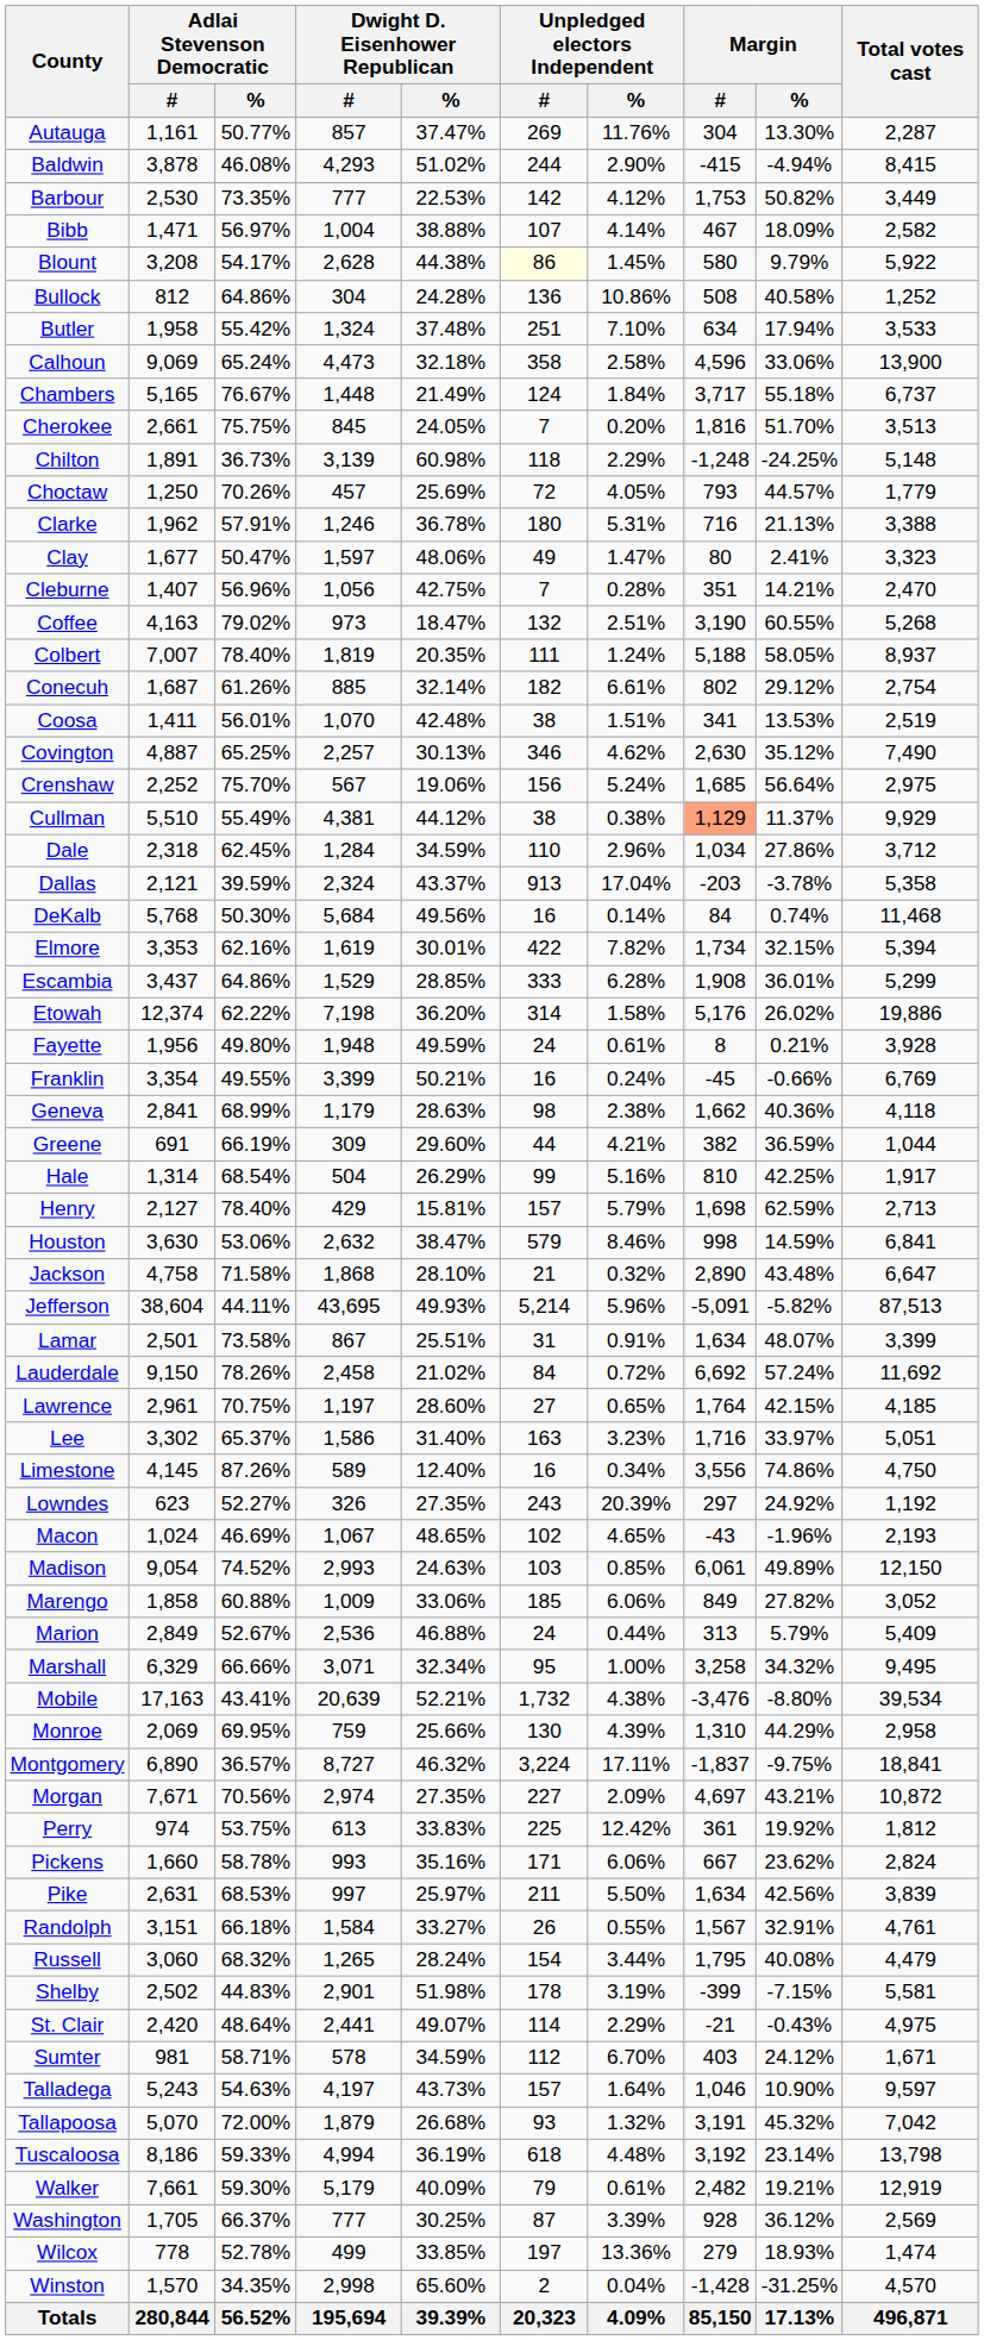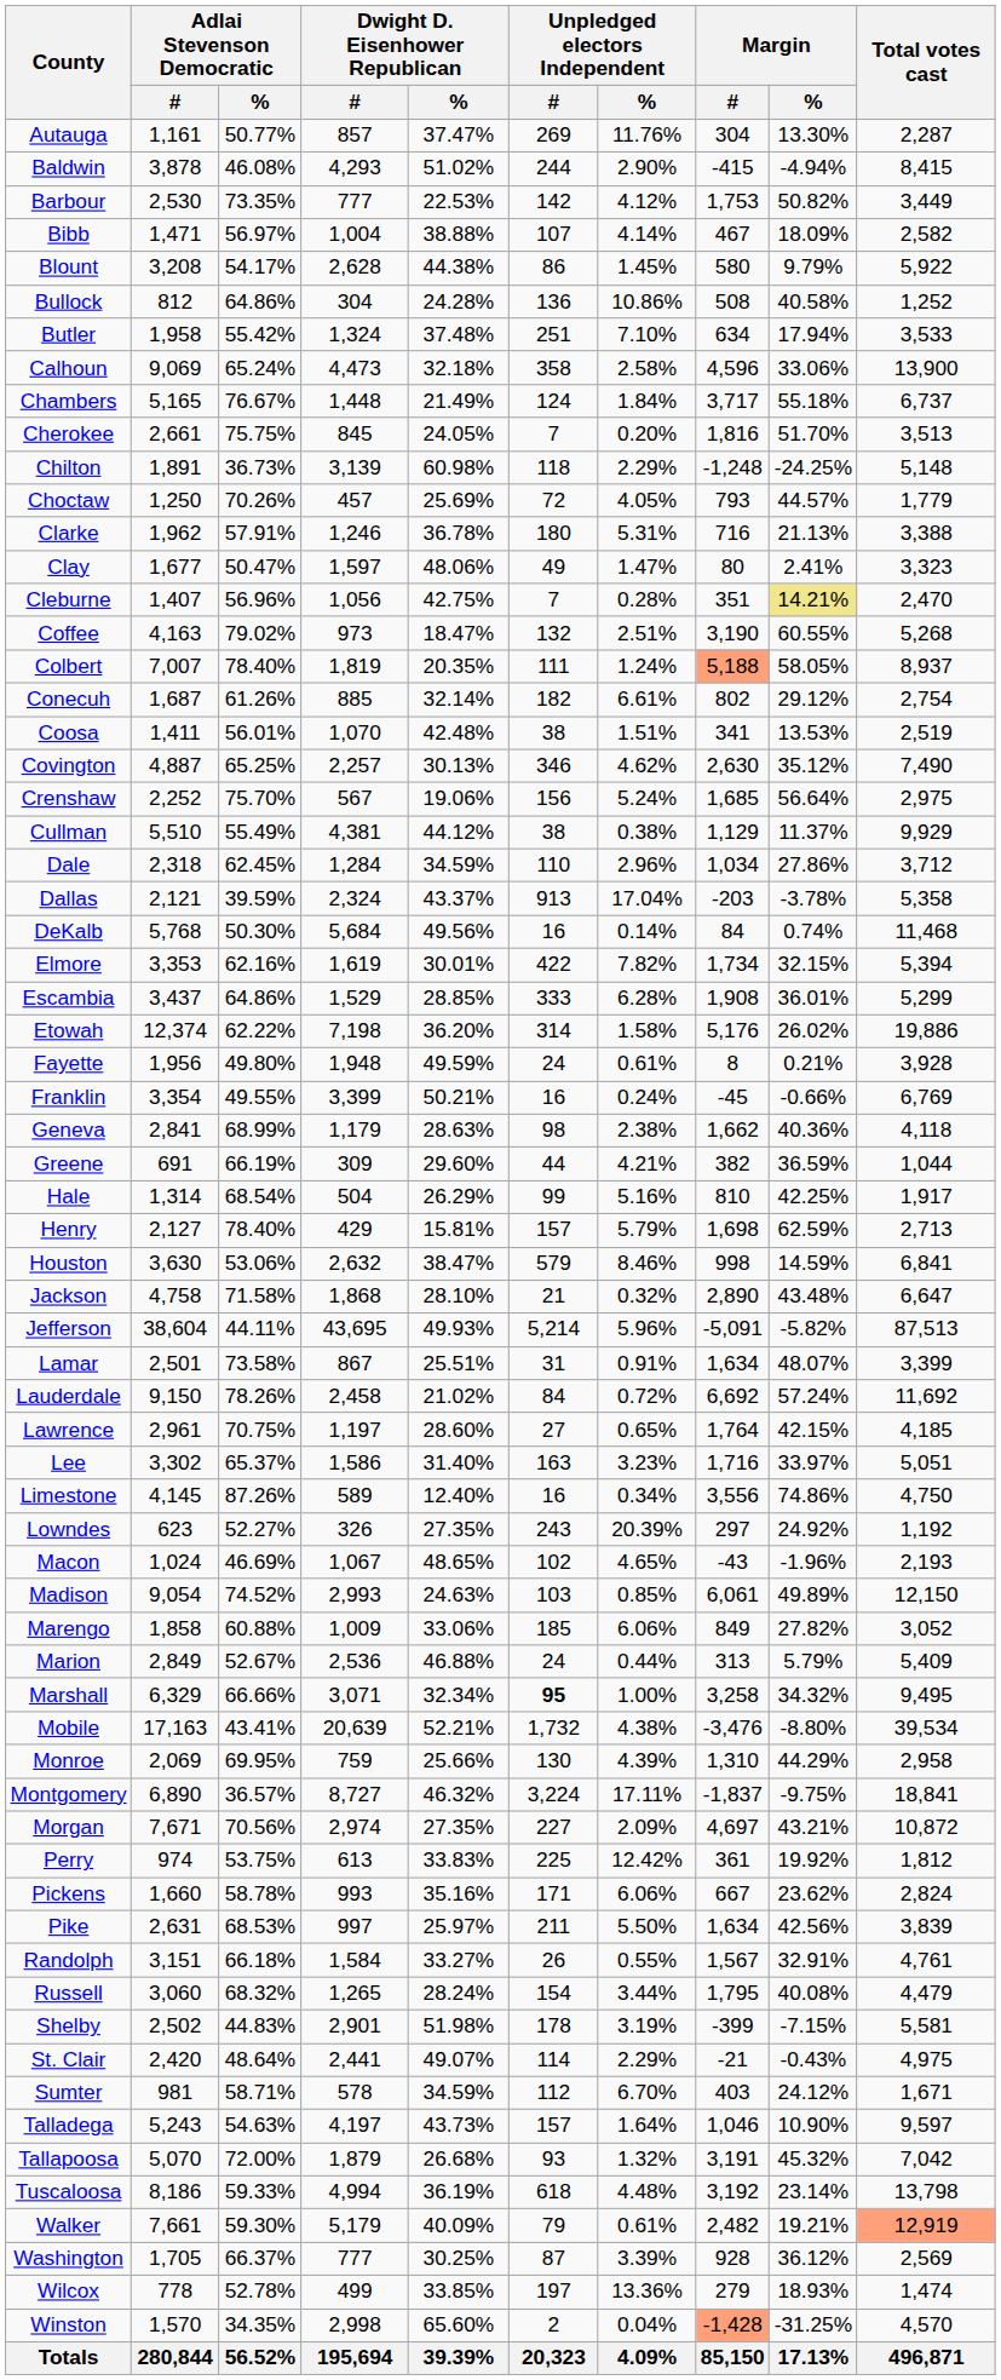 <table width="60%" class="wikitable sortable">
 <tr>
 <th rowspan="2">County</th>
 <th colspan="2">Adlai Stevenson<br>Democratic</th>
 <th colspan="2">Dwight D. Eisenhower<br>Republican</th>
 <th colspan="2">Unpledged electors<br>Independent</th>
 <th colspan="2">Margin</th>
 <th rowspan="2">Total votes cast</th>
 </tr>
 <tr>
 <th style="text-align:center;" data-sort-type="number">#</th>
 <th style="text-align:center;" data-sort-type="number">%</th>
 <th style="text-align:center;" data-sort-type="number">#</th>
 <th style="text-align:center;" data-sort-type="number">%</th>
 <th style="text-align:center;" data-sort-type="number">#</th>
 <th style="text-align:center;" data-sort-type="number">%</th>
 <th style="text-align:center;" data-sort-type="number">#</th>
 <th style="text-align:center;" data-sort-type="number">%</th>
 </tr>
 <tr style="text-align:center;">
 <td><a href='#'>Autauga</a></td>
 <td>1,161</td>
 <td>50.77%</td>
 <td>857</td>
 <td>37.47%</td>
 <td>269</td>
 <td>11.76%</td>
 <td>304</td>
 <td>13.30%</td>
 <td>2,287</td>
 </tr>
 <tr style="text-align:center;">
 <td><a href='#'>Baldwin</a></td>
 <td>3,878</td>
 <td>46.08%</td>
 <td>4,293</td>
 <td>51.02%</td>
 <td>244</td>
 <td>2.90%</td>
 <td>-415</td>
 <td>-4.94%</td>
 <td>8,415</td>
 </tr>
 <tr style="text-align:center;">
 <td><a href='#'>Barbour</a></td>
 <td>2,530</td>
 <td>73.35%</td>
 <td>777</td>
 <td>22.53%</td>
 <td>142</td>
 <td>4.12%</td>
 <td>1,753</td>
 <td>50.82%</td>
 <td>3,449</td>
 </tr>
 <tr style="text-align:center;">
 <td><a href='#'>Bibb</a></td>
 <td>1,471</td>
 <td>56.97%</td>
 <td>1,004</td>
 <td>38.88%</td>
 <td>107</td>
 <td>4.14%</td>
 <td>467</td>
 <td>18.09%</td>
 <td>2,582</td>
 </tr>
 <tr style="text-align:center;">
 <td><a href='#'>Blount</a></td>
 <td>3,208</td>
 <td>54.17%</td>
 <td>2,628</td>
 <td>44.38%</td>
-<td style="background: lightyellow;">86</td>
+<td>86</td>
 <td>1.45%</td>
 <td>580</td>
 <td>9.79%</td>
 <td>5,922</td>
 </tr>
 <tr style="text-align:center;">
 <td><a href='#'>Bullock</a></td>
 <td>812</td>
 <td>64.86%</td>
 <td>304</td>
 <td>24.28%</td>
 <td>136</td>
 <td>10.86%</td>
 <td>508</td>
 <td>40.58%</td>
 <td>1,252</td>
 </tr>
 <tr style="text-align:center;">
 <td><a href='#'>Butler</a></td>
 <td>1,958</td>
 <td>55.42%</td>
 <td>1,324</td>
 <td>37.48%</td>
 <td>251</td>
 <td>7.10%</td>
 <td>634</td>
 <td>17.94%</td>
 <td>3,533</td>
 </tr>
 <tr style="text-align:center;">
 <td><a href='#'>Calhoun</a></td>
 <td>9,069</td>
 <td>65.24%</td>
 <td>4,473</td>
 <td>32.18%</td>
 <td>358</td>
 <td>2.58%</td>
 <td>4,596</td>
 <td>33.06%</td>
 <td>13,900</td>
 </tr>
 <tr style="text-align:center;">
 <td><a href='#'>Chambers</a></td>
 <td>5,165</td>
 <td>76.67%</td>
 <td>1,448</td>
 <td>21.49%</td>
 <td>124</td>
 <td>1.84%</td>
 <td>3,717</td>
 <td>55.18%</td>
 <td>6,737</td>
 </tr>
 <tr style="text-align:center;">
 <td><a href='#'>Cherokee</a></td>
 <td>2,661</td>
 <td>75.75%</td>
 <td>845</td>
 <td>24.05%</td>
 <td>7</td>
 <td>0.20%</td>
 <td>1,816</td>
 <td>51.70%</td>
 <td>3,513</td>
 </tr>
 <tr style="text-align:center;">
 <td><a href='#'>Chilton</a></td>
 <td>1,891</td>
 <td>36.73%</td>
 <td>3,139</td>
 <td>60.98%</td>
 <td>118</td>
 <td>2.29%</td>
 <td>-1,248</td>
 <td>-24.25%</td>
 <td>5,148</td>
 </tr>
 <tr style="text-align:center;">
 <td><a href='#'>Choctaw</a></td>
 <td>1,250</td>
 <td>70.26%</td>
 <td>457</td>
 <td>25.69%</td>
 <td>72</td>
 <td>4.05%</td>
 <td>793</td>
 <td>44.57%</td>
 <td>1,779</td>
 </tr>
 <tr style="text-align:center;">
 <td><a href='#'>Clarke</a></td>
 <td>1,962</td>
 <td>57.91%</td>
 <td>1,246</td>
 <td>36.78%</td>
 <td>180</td>
 <td>5.31%</td>
 <td>716</td>
 <td>21.13%</td>
 <td>3,388</td>
 </tr>
 <tr style="text-align:center;">
 <td><a href='#'>Clay</a></td>
 <td>1,677</td>
 <td>50.47%</td>
 <td>1,597</td>
 <td>48.06%</td>
 <td>49</td>
 <td>1.47%</td>
 <td>80</td>
 <td>2.41%</td>
 <td>3,323</td>
 </tr>
 <tr style="text-align:center;">
 <td><a href='#'>Cleburne</a></td>
 <td>1,407</td>
 <td>56.96%</td>
 <td>1,056</td>
 <td>42.75%</td>
 <td>7</td>
 <td>0.28%</td>
 <td>351</td>
-<td>14.21%</td>
+<td style="background: khaki;">14.21%</td>
 <td>2,470</td>
 </tr>
 <tr style="text-align:center;">
 <td><a href='#'>Coffee</a></td>
 <td>4,163</td>
 <td>79.02%</td>
 <td>973</td>
 <td>18.47%</td>
 <td>132</td>
 <td>2.51%</td>
 <td>3,190</td>
 <td>60.55%</td>
 <td>5,268</td>
 </tr>
 <tr style="text-align:center;">
 <td><a href='#'>Colbert</a></td>
 <td>7,007</td>
 <td>78.40%</td>
 <td>1,819</td>
 <td>20.35%</td>
 <td>111</td>
 <td>1.24%</td>
-<td>5,188</td>
+<td style="background: lightsalmon;">5,188</td>
 <td>58.05%</td>
 <td>8,937</td>
 </tr>
 <tr style="text-align:center;">
 <td><a href='#'>Conecuh</a></td>
 <td>1,687</td>
 <td>61.26%</td>
 <td>885</td>
 <td>32.14%</td>
 <td>182</td>
 <td>6.61%</td>
 <td>802</td>
 <td>29.12%</td>
 <td>2,754</td>
 </tr>
 <tr style="text-align:center;">
 <td><a href='#'>Coosa</a></td>
 <td>1,411</td>
 <td>56.01%</td>
 <td>1,070</td>
 <td>42.48%</td>
 <td>38</td>
 <td>1.51%</td>
 <td>341</td>
 <td>13.53%</td>
 <td>2,519</td>
 </tr>
 <tr style="text-align:center;">
 <td><a href='#'>Covington</a></td>
 <td>4,887</td>
 <td>65.25%</td>
 <td>2,257</td>
 <td>30.13%</td>
 <td>346</td>
 <td>4.62%</td>
 <td>2,630</td>
 <td>35.12%</td>
 <td>7,490</td>
 </tr>
 <tr style="text-align:center;">
 <td><a href='#'>Crenshaw</a></td>
 <td>2,252</td>
 <td>75.70%</td>
 <td>567</td>
 <td>19.06%</td>
 <td>156</td>
 <td>5.24%</td>
 <td>1,685</td>
 <td>56.64%</td>
 <td>2,975</td>
 </tr>
 <tr style="text-align:center;">
 <td><a href='#'>Cullman</a></td>
 <td>5,510</td>
 <td>55.49%</td>
 <td>4,381</td>
 <td>44.12%</td>
 <td>38</td>
 <td>0.38%</td>
-<td style="background: lightsalmon;">1,129</td>
+<td>1,129</td>
 <td>11.37%</td>
 <td>9,929</td>
 </tr>
 <tr style="text-align:center;">
 <td><a href='#'>Dale</a></td>
 <td>2,318</td>
 <td>62.45%</td>
 <td>1,284</td>
 <td>34.59%</td>
 <td>110</td>
 <td>2.96%</td>
 <td>1,034</td>
 <td>27.86%</td>
 <td>3,712</td>
 </tr>
 <tr style="text-align:center;">
 <td><a href='#'>Dallas</a></td>
 <td>2,121</td>
 <td>39.59%</td>
 <td>2,324</td>
 <td>43.37%</td>
 <td>913</td>
 <td>17.04%</td>
 <td>-203</td>
 <td>-3.78%</td>
 <td>5,358</td>
 </tr>
 <tr style="text-align:center;">
 <td><a href='#'>DeKalb</a></td>
 <td>5,768</td>
 <td>50.30%</td>
 <td>5,684</td>
 <td>49.56%</td>
 <td>16</td>
 <td>0.14%</td>
 <td>84</td>
 <td>0.74%</td>
 <td>11,468</td>
 </tr>
 <tr style="text-align:center;">
 <td><a href='#'>Elmore</a></td>
 <td>3,353</td>
 <td>62.16%</td>
 <td>1,619</td>
 <td>30.01%</td>
 <td>422</td>
 <td>7.82%</td>
 <td>1,734</td>
 <td>32.15%</td>
 <td>5,394</td>
 </tr>
 <tr style="text-align:center;">
 <td><a href='#'>Escambia</a></td>
 <td>3,437</td>
 <td>64.86%</td>
 <td>1,529</td>
 <td>28.85%</td>
 <td>333</td>
 <td>6.28%</td>
 <td>1,908</td>
 <td>36.01%</td>
 <td>5,299</td>
 </tr>
 <tr style="text-align:center;">
 <td><a href='#'>Etowah</a></td>
 <td>12,374</td>
 <td>62.22%</td>
 <td>7,198</td>
 <td>36.20%</td>
 <td>314</td>
 <td>1.58%</td>
 <td>5,176</td>
 <td>26.02%</td>
 <td>19,886</td>
 </tr>
 <tr style="text-align:center;">
 <td><a href='#'>Fayette</a></td>
 <td>1,956</td>
 <td>49.80%</td>
 <td>1,948</td>
 <td>49.59%</td>
 <td>24</td>
 <td>0.61%</td>
 <td>8</td>
 <td>0.21%</td>
 <td>3,928</td>
 </tr>
 <tr style="text-align:center;">
 <td><a href='#'>Franklin</a></td>
 <td>3,354</td>
 <td>49.55%</td>
 <td>3,399</td>
 <td>50.21%</td>
 <td>16</td>
 <td>0.24%</td>
 <td>-45</td>
 <td>-0.66%</td>
 <td>6,769</td>
 </tr>
 <tr style="text-align:center;">
 <td><a href='#'>Geneva</a></td>
 <td>2,841</td>
 <td>68.99%</td>
 <td>1,179</td>
 <td>28.63%</td>
 <td>98</td>
 <td>2.38%</td>
 <td>1,662</td>
 <td>40.36%</td>
 <td>4,118</td>
 </tr>
 <tr style="text-align:center;">
 <td><a href='#'>Greene</a></td>
 <td>691</td>
 <td>66.19%</td>
 <td>309</td>
 <td>29.60%</td>
 <td>44</td>
 <td>4.21%</td>
 <td>382</td>
 <td>36.59%</td>
 <td>1,044</td>
 </tr>
 <tr style="text-align:center;">
 <td><a href='#'>Hale</a></td>
 <td>1,314</td>
 <td>68.54%</td>
 <td>504</td>
 <td>26.29%</td>
 <td>99</td>
 <td>5.16%</td>
 <td>810</td>
 <td>42.25%</td>
 <td>1,917</td>
 </tr>
 <tr style="text-align:center;">
 <td><a href='#'>Henry</a></td>
 <td>2,127</td>
 <td>78.40%</td>
 <td>429</td>
 <td>15.81%</td>
 <td>157</td>
 <td>5.79%</td>
 <td>1,698</td>
 <td>62.59%</td>
 <td>2,713</td>
 </tr>
 <tr style="text-align:center;">
 <td><a href='#'>Houston</a></td>
 <td>3,630</td>
 <td>53.06%</td>
 <td>2,632</td>
 <td>38.47%</td>
 <td>579</td>
 <td>8.46%</td>
 <td>998</td>
 <td>14.59%</td>
 <td>6,841</td>
 </tr>
 <tr style="text-align:center;">
 <td><a href='#'>Jackson</a></td>
 <td>4,758</td>
 <td>71.58%</td>
 <td>1,868</td>
 <td>28.10%</td>
 <td>21</td>
 <td>0.32%</td>
 <td>2,890</td>
 <td>43.48%</td>
 <td>6,647</td>
 </tr>
 <tr style="text-align:center;">
 <td><a href='#'>Jefferson</a></td>
 <td>38,604</td>
 <td>44.11%</td>
 <td>43,695</td>
 <td>49.93%</td>
 <td>5,214</td>
 <td>5.96%</td>
 <td>-5,091</td>
 <td>-5.82%</td>
 <td>87,513</td>
 </tr>
 <tr style="text-align:center;">
 <td><a href='#'>Lamar</a></td>
 <td>2,501</td>
 <td>73.58%</td>
 <td>867</td>
 <td>25.51%</td>
 <td>31</td>
 <td>0.91%</td>
 <td>1,634</td>
 <td>48.07%</td>
 <td>3,399</td>
 </tr>
 <tr style="text-align:center;">
 <td><a href='#'>Lauderdale</a></td>
 <td>9,150</td>
 <td>78.26%</td>
 <td>2,458</td>
 <td>21.02%</td>
 <td>84</td>
 <td>0.72%</td>
 <td>6,692</td>
 <td>57.24%</td>
 <td>11,692</td>
 </tr>
 <tr style="text-align:center;">
 <td><a href='#'>Lawrence</a></td>
 <td>2,961</td>
 <td>70.75%</td>
 <td>1,197</td>
 <td>28.60%</td>
 <td>27</td>
 <td>0.65%</td>
 <td>1,764</td>
 <td>42.15%</td>
 <td>4,185</td>
 </tr>
 <tr style="text-align:center;">
 <td><a href='#'>Lee</a></td>
 <td>3,302</td>
 <td>65.37%</td>
 <td>1,586</td>
 <td>31.40%</td>
 <td>163</td>
 <td>3.23%</td>
 <td>1,716</td>
 <td>33.97%</td>
 <td>5,051</td>
 </tr>
 <tr style="text-align:center;">
 <td><a href='#'>Limestone</a></td>
 <td>4,145</td>
 <td>87.26%</td>
 <td>589</td>
 <td>12.40%</td>
 <td>16</td>
 <td>0.34%</td>
 <td>3,556</td>
 <td>74.86%</td>
 <td>4,750</td>
 </tr>
 <tr style="text-align:center;">
 <td><a href='#'>Lowndes</a></td>
 <td>623</td>
 <td>52.27%</td>
 <td>326</td>
 <td>27.35%</td>
 <td>243</td>
 <td>20.39%</td>
 <td>297</td>
 <td>24.92%</td>
 <td>1,192</td>
 </tr>
 <tr style="text-align:center;">
 <td><a href='#'>Macon</a></td>
 <td>1,024</td>
 <td>46.69%</td>
 <td>1,067</td>
 <td>48.65%</td>
 <td>102</td>
 <td>4.65%</td>
 <td>-43</td>
 <td>-1.96%</td>
 <td>2,193</td>
 </tr>
 <tr style="text-align:center;">
 <td><a href='#'>Madison</a></td>
 <td>9,054</td>
 <td>74.52%</td>
 <td>2,993</td>
 <td>24.63%</td>
 <td>103</td>
 <td>0.85%</td>
 <td>6,061</td>
 <td>49.89%</td>
 <td>12,150</td>
 </tr>
 <tr style="text-align:center;">
 <td><a href='#'>Marengo</a></td>
 <td>1,858</td>
 <td>60.88%</td>
 <td>1,009</td>
 <td>33.06%</td>
 <td>185</td>
 <td>6.06%</td>
 <td>849</td>
 <td>27.82%</td>
 <td>3,052</td>
 </tr>
 <tr style="text-align:center;">
 <td><a href='#'>Marion</a></td>
 <td>2,849</td>
 <td>52.67%</td>
 <td>2,536</td>
 <td>46.88%</td>
 <td>24</td>
 <td>0.44%</td>
 <td>313</td>
 <td>5.79%</td>
 <td>5,409</td>
 </tr>
 <tr style="text-align:center;">
 <td><a href='#'>Marshall</a></td>
 <td>6,329</td>
 <td>66.66%</td>
 <td>3,071</td>
 <td>32.34%</td>
-<td>95</td>
+<td><strong>95</strong></td>
 <td>1.00%</td>
 <td>3,258</td>
 <td>34.32%</td>
 <td>9,495</td>
 </tr>
 <tr style="text-align:center;">
 <td><a href='#'>Mobile</a></td>
 <td>17,163</td>
 <td>43.41%</td>
 <td>20,639</td>
 <td>52.21%</td>
 <td>1,732</td>
 <td>4.38%</td>
 <td>-3,476</td>
 <td>-8.80%</td>
 <td>39,534</td>
 </tr>
 <tr style="text-align:center;">
 <td><a href='#'>Monroe</a></td>
 <td>2,069</td>
 <td>69.95%</td>
 <td>759</td>
 <td>25.66%</td>
 <td>130</td>
 <td>4.39%</td>
 <td>1,310</td>
 <td>44.29%</td>
 <td>2,958</td>
 </tr>
 <tr style="text-align:center;">
 <td><a href='#'>Montgomery</a></td>
 <td>6,890</td>
 <td>36.57%</td>
 <td>8,727</td>
 <td>46.32%</td>
 <td>3,224</td>
 <td>17.11%</td>
 <td>-1,837</td>
 <td>-9.75%</td>
 <td>18,841</td>
 </tr>
 <tr style="text-align:center;">
 <td><a href='#'>Morgan</a></td>
 <td>7,671</td>
 <td>70.56%</td>
 <td>2,974</td>
 <td>27.35%</td>
 <td>227</td>
 <td>2.09%</td>
 <td>4,697</td>
 <td>43.21%</td>
 <td>10,872</td>
 </tr>
 <tr style="text-align:center;">
 <td><a href='#'>Perry</a></td>
 <td>974</td>
 <td>53.75%</td>
 <td>613</td>
 <td>33.83%</td>
 <td>225</td>
 <td>12.42%</td>
 <td>361</td>
 <td>19.92%</td>
 <td>1,812</td>
 </tr>
 <tr style="text-align:center;">
 <td><a href='#'>Pickens</a></td>
 <td>1,660</td>
 <td>58.78%</td>
 <td>993</td>
 <td>35.16%</td>
 <td>171</td>
 <td>6.06%</td>
 <td>667</td>
 <td>23.62%</td>
 <td>2,824</td>
 </tr>
 <tr style="text-align:center;">
 <td><a href='#'>Pike</a></td>
 <td>2,631</td>
 <td>68.53%</td>
 <td>997</td>
 <td>25.97%</td>
 <td>211</td>
 <td>5.50%</td>
 <td>1,634</td>
 <td>42.56%</td>
 <td>3,839</td>
 </tr>
 <tr style="text-align:center;">
 <td><a href='#'>Randolph</a></td>
 <td>3,151</td>
 <td>66.18%</td>
 <td>1,584</td>
 <td>33.27%</td>
 <td>26</td>
 <td>0.55%</td>
 <td>1,567</td>
 <td>32.91%</td>
 <td>4,761</td>
 </tr>
 <tr style="text-align:center;">
 <td><a href='#'>Russell</a></td>
 <td>3,060</td>
 <td>68.32%</td>
 <td>1,265</td>
 <td>28.24%</td>
 <td>154</td>
 <td>3.44%</td>
 <td>1,795</td>
 <td>40.08%</td>
 <td>4,479</td>
 </tr>
 <tr style="text-align:center;">
 <td><a href='#'>Shelby</a></td>
 <td>2,502</td>
 <td>44.83%</td>
 <td>2,901</td>
 <td>51.98%</td>
 <td>178</td>
 <td>3.19%</td>
 <td>-399</td>
 <td>-7.15%</td>
 <td>5,581</td>
 </tr>
 <tr style="text-align:center;">
 <td><a href='#'>St. Clair</a></td>
 <td>2,420</td>
 <td>48.64%</td>
 <td>2,441</td>
 <td>49.07%</td>
 <td>114</td>
 <td>2.29%</td>
 <td>-21</td>
 <td>-0.43%</td>
 <td>4,975</td>
 </tr>
 <tr style="text-align:center;">
 <td><a href='#'>Sumter</a></td>
 <td>981</td>
 <td>58.71%</td>
 <td>578</td>
 <td>34.59%</td>
 <td>112</td>
 <td>6.70%</td>
 <td>403</td>
 <td>24.12%</td>
 <td>1,671</td>
 </tr>
 <tr style="text-align:center;">
 <td><a href='#'>Talladega</a></td>
 <td>5,243</td>
 <td>54.63%</td>
 <td>4,197</td>
 <td>43.73%</td>
 <td>157</td>
 <td>1.64%</td>
 <td>1,046</td>
 <td>10.90%</td>
 <td>9,597</td>
 </tr>
 <tr style="text-align:center;">
 <td><a href='#'>Tallapoosa</a></td>
 <td>5,070</td>
 <td>72.00%</td>
 <td>1,879</td>
 <td>26.68%</td>
 <td>93</td>
 <td>1.32%</td>
 <td>3,191</td>
 <td>45.32%</td>
 <td>7,042</td>
 </tr>
 <tr style="text-align:center;">
 <td><a href='#'>Tuscaloosa</a></td>
 <td>8,186</td>
 <td>59.33%</td>
 <td>4,994</td>
 <td>36.19%</td>
 <td>618</td>
 <td>4.48%</td>
 <td>3,192</td>
 <td>23.14%</td>
 <td>13,798</td>
 </tr>
 <tr style="text-align:center;">
 <td><a href='#'>Walker</a></td>
 <td>7,661</td>
 <td>59.30%</td>
 <td>5,179</td>
 <td>40.09%</td>
 <td>79</td>
 <td>0.61%</td>
 <td>2,482</td>
 <td>19.21%</td>
-<td>12,919</td>
+<td style="background: lightsalmon;">12,919</td>
 </tr>
 <tr style="text-align:center;">
 <td><a href='#'>Washington</a></td>
 <td>1,705</td>
 <td>66.37%</td>
 <td>777</td>
 <td>30.25%</td>
 <td>87</td>
 <td>3.39%</td>
 <td>928</td>
 <td>36.12%</td>
 <td>2,569</td>
 </tr>
 <tr style="text-align:center;">
 <td><a href='#'>Wilcox</a></td>
 <td>778</td>
 <td>52.78%</td>
 <td>499</td>
 <td>33.85%</td>
 <td>197</td>
 <td>13.36%</td>
 <td>279</td>
 <td>18.93%</td>
 <td>1,474</td>
 </tr>
 <tr style="text-align:center;">
 <td><a href='#'>Winston</a></td>
 <td>1,570</td>
 <td>34.35%</td>
 <td>2,998</td>
 <td>65.60%</td>
 <td>2</td>
 <td>0.04%</td>
-<td>-1,428</td>
+<td style="background: lightsalmon;">-1,428</td>
 <td>-31.25%</td>
 <td>4,570</td>
 </tr>
 <tr style="text-align:center;">
 <th>Totals</th>
 <th>280,844</th>
 <th>56.52%</th>
 <th>195,694</th>
 <th>39.39%</th>
 <th>20,323</th>
 <th>4.09%</th>
 <th>85,150</th>
 <th>17.13%</th>
 <th>496,871</th>
 </tr>
 </table>
